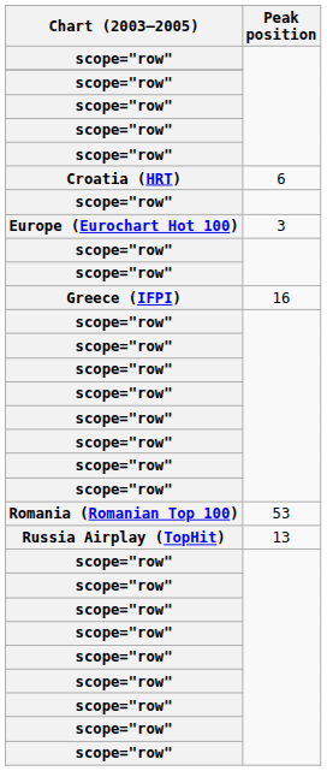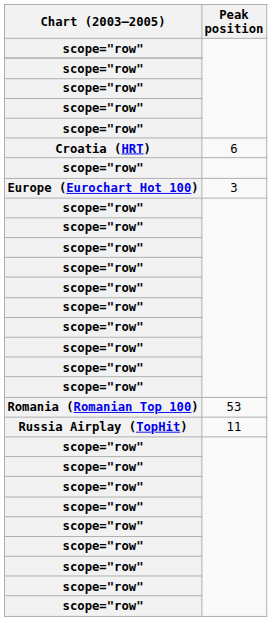 <table class="wikitable sortable plainrowheaders" style="text-align:center">
 <tr>
 <th scope="col">Chart (2003–2005)</th>
 <th scope="col">Peak<br>position</th>
 </tr>
 <tr>
 <th>scope="row"</th>
 </tr>
 <tr>
 </tr>
 <tr>
 <th>scope="row"</th>
 </tr>
 <tr>
 <th>scope="row"</th>
 </tr>
 <tr>
 <th>scope="row"</th>
 </tr>
 <tr>
 <th>scope="row"</th>
 </tr>
 <tr>
 <th scope=row>Croatia (<a href='#'>HRT</a>)</th>
 <td>6</td>
 </tr>
 <tr>
 <th>scope="row"</th>
 </tr>
 <tr>
 <th scope="row">Europe (<a href='#'>Eurochart Hot 100</a>)</th>
 <td>3</td>
 </tr>
 <tr>
 <th>scope="row"</th>
 </tr>
 <tr>
 <th>scope="row"</th>
 </tr>
 <tr>
-<th scope="row">Greece (<a href='#'>IFPI</a>)</th>
-<td>16</td>
-</tr>
-<tr>
 <th>scope="row"</th>
 </tr>
 <tr>
 <th>scope="row"</th>
 </tr>
 <tr>
 <th>scope="row"</th>
 </tr>
 <tr>
 <th>scope="row"</th>
 </tr>
 <tr>
 <th>scope="row"</th>
 </tr>
 <tr>
 <th>scope="row"</th>
 </tr>
 <tr>
 <th>scope="row"</th>
 </tr>
 <tr>
 <th>scope="row"</th>
 </tr>
 <tr>
 <th scope="row">Romania (<a href='#'>Romanian Top 100</a>)</th>
 <td>53</td>
 </tr>
 <tr>
 <th scope="row">Russia Airplay (<a href='#'>TopHit</a>)</th>
-<td>13</td>
+<td>11</td>
 </tr>
 <tr>
 <th>scope="row"</th>
 </tr>
 <tr>
 <th>scope="row"</th>
 </tr>
 <tr>
 <th>scope="row"</th>
 </tr>
 <tr>
 <th>scope="row"</th>
 </tr>
 <tr>
 <th>scope="row"</th>
 </tr>
 <tr>
 <th>scope="row"</th>
 </tr>
 <tr>
 <th>scope="row"</th>
 </tr>
 <tr>
 <th>scope="row"</th>
 </tr>
 <tr>
 <th>scope="row"</th>
 </tr>
 </table>
